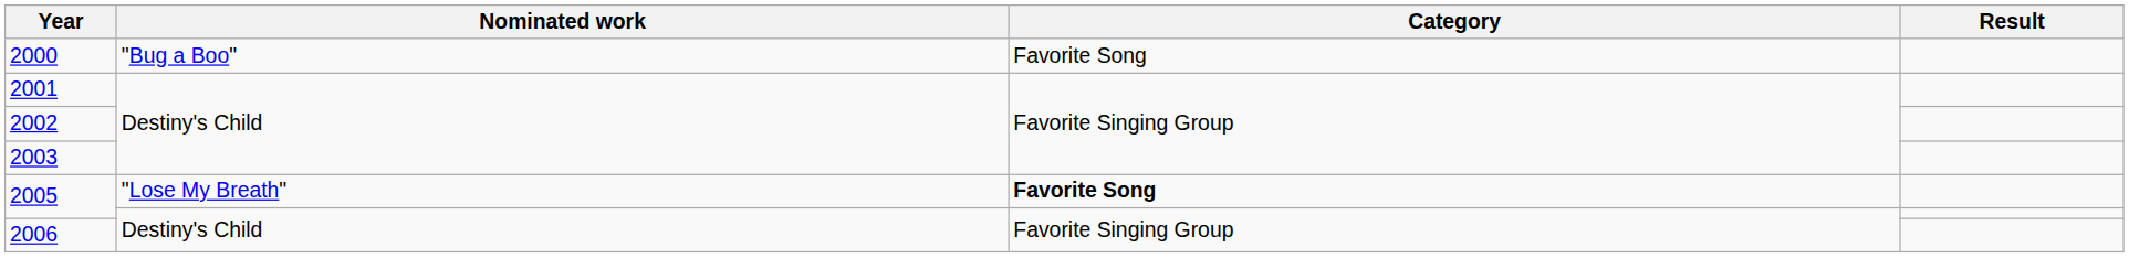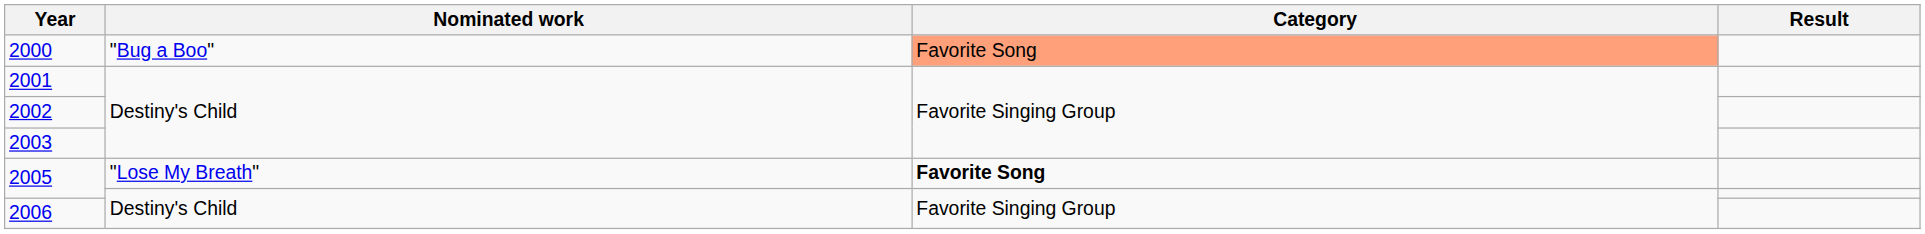 <table class="wikitable" width="100%">
 <tr>
 <th width="5%">Year</th>
 <th width="40%">Nominated work</th>
 <th width="40%">Category</th>
 <th width="10%">Result</th>
 </tr>
 <tr>
 <td><a href='#'>2000</a></td>
 <td>"<a href='#'>Bug a Boo</a>"</td>
-<td>Favorite Song</td>
+<td style="background: lightsalmon;">Favorite Song</td>
 <td></td>
 </tr>
 <tr>
 <td><a href='#'>2001</a></td>
 <td rowspan="3">Destiny's Child</td>
 <td rowspan="3">Favorite Singing Group</td>
 <td></td>
 </tr>
 <tr>
 <td><a href='#'>2002</a></td>
 <td></td>
 </tr>
 <tr>
 <td><a href='#'>2003</a></td>
 <td></td>
 </tr>
 <tr>
 <td rowspan="2"><a href='#'>2005</a></td>
 <td>"<a href='#'>Lose My Breath</a>"</td>
 <td><strong>Favorite Song</strong></td>
 <td></td>
 </tr>
 <tr>
 <td rowspan="2">Destiny's Child</td>
 <td rowspan="2">Favorite Singing Group</td>
 <td></td>
 </tr>
 <tr>
 <td><a href='#'>2006</a></td>
 <td></td>
 </tr>
 </table>
